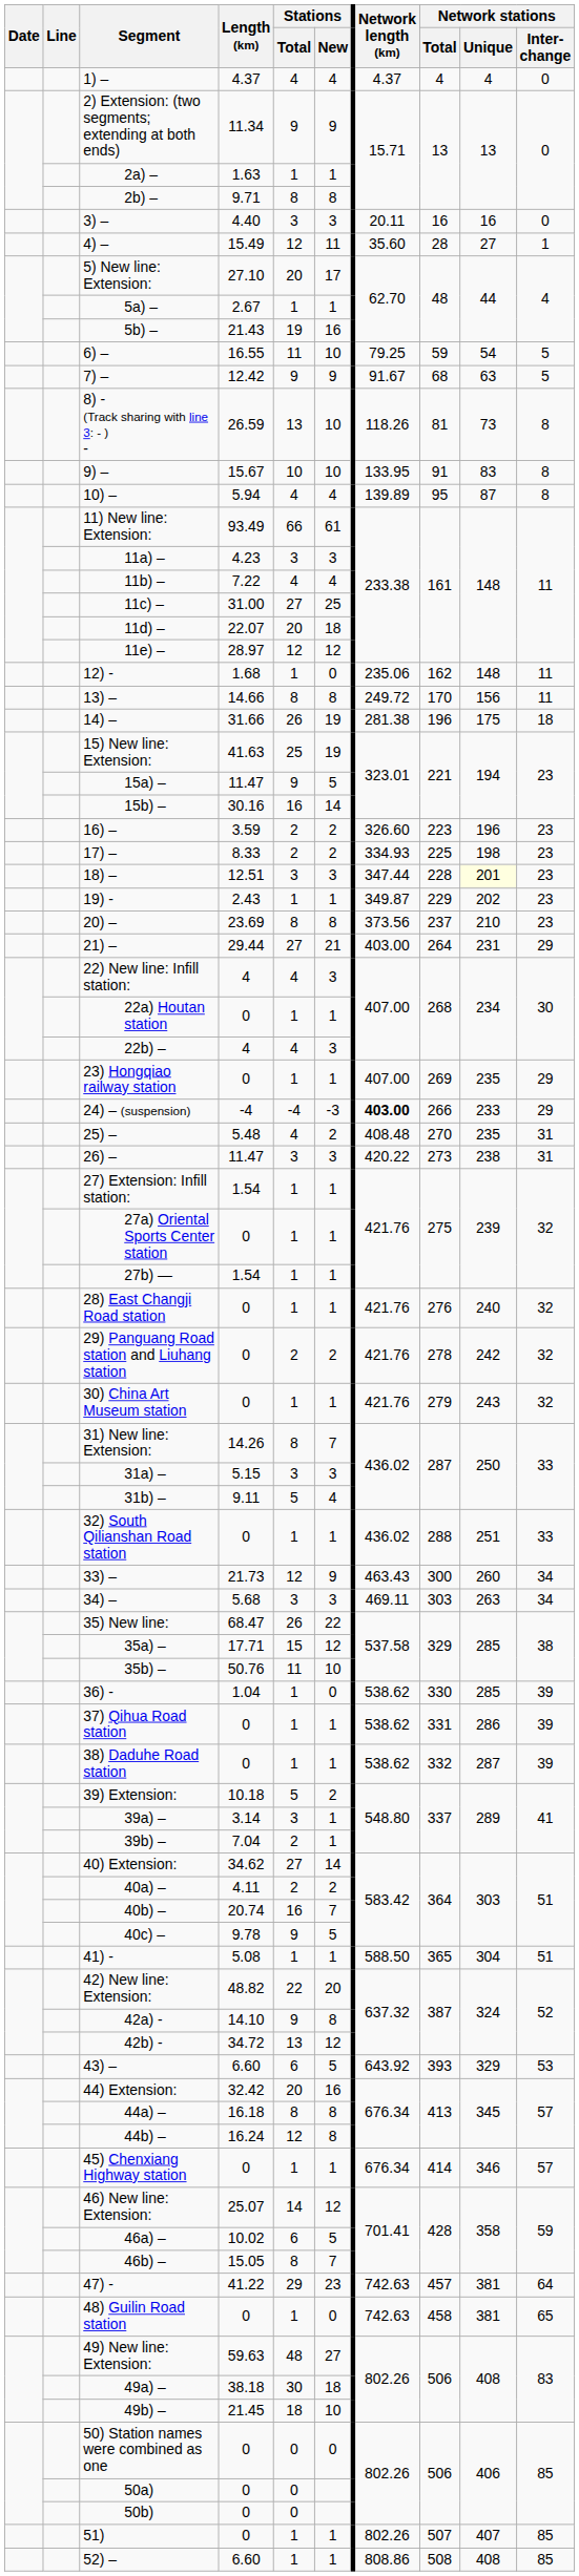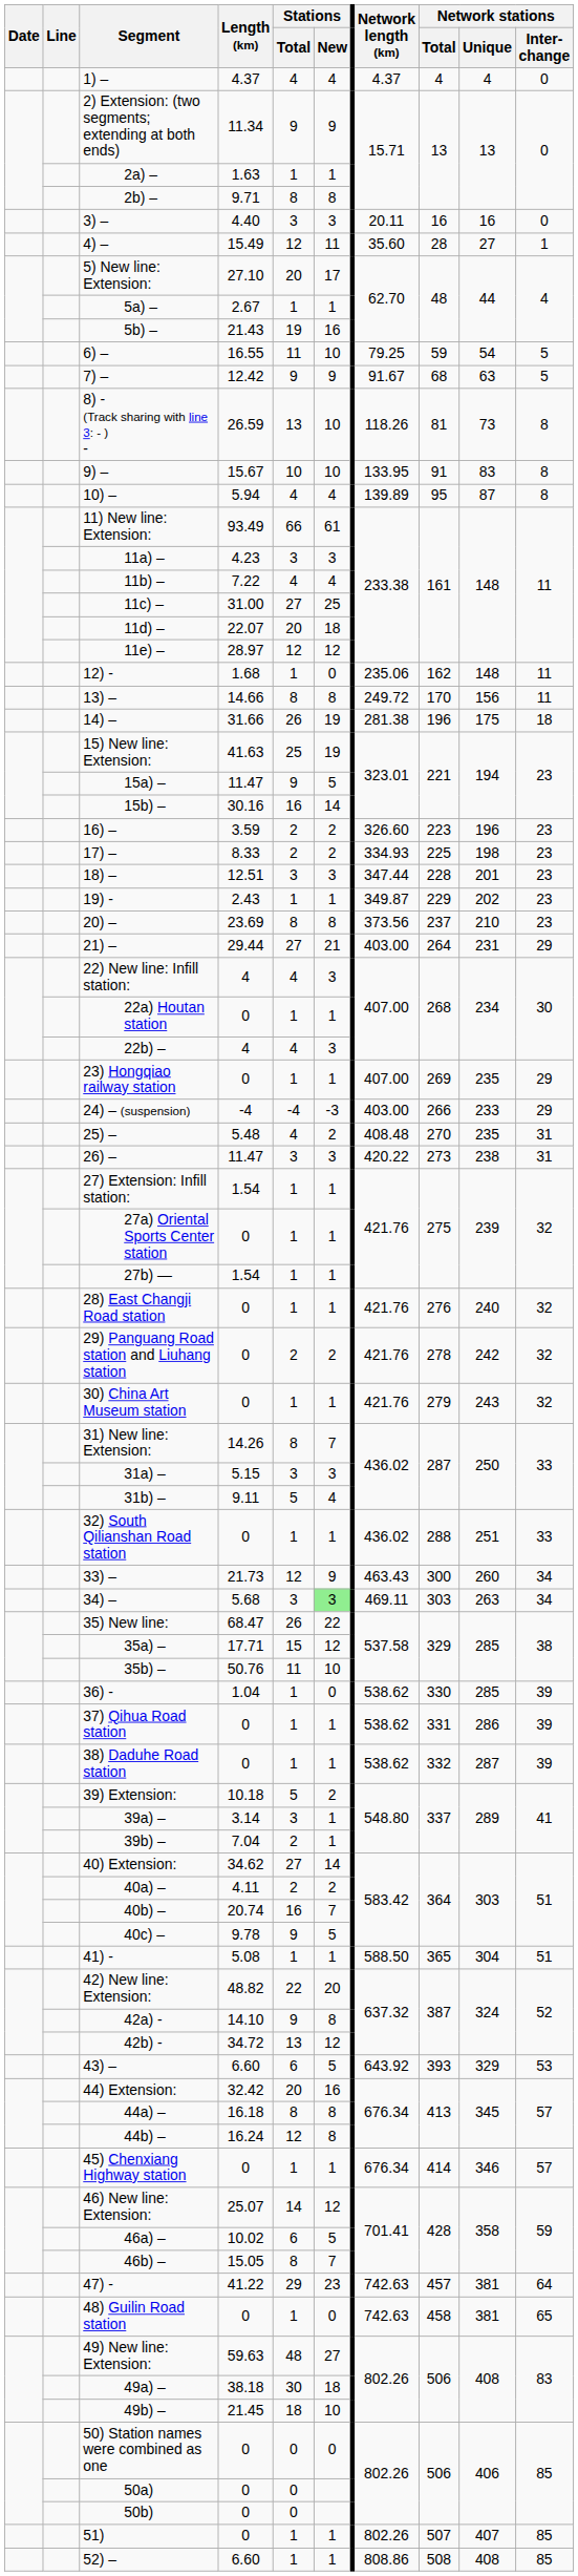 <table class="wikitable sortable" style="vertical-align:top; text-align:center; width:100%">
 <tr>
 <th rowspan="2" data-sort-type="date">Date</th>
 <th rowspan="2" data-sort-type="text">Line</th>
 <th rowspan="2" class=unsortable>Segment</th>
 <th rowspan="2">Length <br><small>(km)</small></th>
 <th style="border-right:5px solid black" colspan="2">Stations</th>
 <th rowspan="2" class=unsortable>Network <br>length <br><small>(km)</small></th>
 <th colspan="3" class="unsortable">Network stations</th>
 </tr>
 <tr>
 <th>Total</th>
 <th style="border-right:5px solid black">New</th>
 <th class=unsortable>Total</th>
 <th class=unsortable>Unique</th>
 <th class=unsortable>Inter-<br>change</th>
 </tr>
 <tr>
 <td></td>
 <td></td>
 <td align=left>1)  – </td>
 <td>4.37</td>
 <td>4</td>
 <td style="border-right:5px solid black">4</td>
 <td>4.37</td>
 <td>4</td>
 <td>4</td>
 <td>0</td>
 </tr>
 <tr>
 <td rowspan="3"></td>
 <td></td>
 <td align=left>2) Extension:  (two segments; extending at both ends)</td>
 <td>11.34</td>
 <td>9</td>
 <td style="border-right:5px solid black">9</td>
 <td rowspan="3">15.71</td>
 <td rowspan="3">13</td>
 <td rowspan="3">13</td>
 <td rowspan="3">0</td>
 </tr>
 <tr>
 <td></td>
 <td style="text-align:left; padding-left: 3em;">2a)  – </td>
 <td>1.63</td>
 <td>1</td>
 <td style="border-right:5px solid black">1</td>
 </tr>
 <tr>
 <td></td>
 <td style="text-align:left; padding-left: 3em;">2b)  – </td>
 <td>9.71</td>
 <td>8</td>
 <td style="border-right:5px solid black">8</td>
 </tr>
 <tr>
 <td></td>
 <td></td>
 <td align=left>3)  – </td>
 <td>4.40</td>
 <td>3</td>
 <td style="border-right:5px solid black">3</td>
 <td>20.11</td>
 <td>16</td>
 <td>16</td>
 <td>0</td>
 </tr>
 <tr>
 <td></td>
 <td></td>
 <td align=left>4)  – </td>
 <td>15.49</td>
 <td>12</td>
 <td style="border-right:5px solid black">11</td>
 <td>35.60</td>
 <td>28</td>
 <td>27</td>
 <td>1</td>
 </tr>
 <tr>
 <td rowspan="3"></td>
 <td></td>
 <td align=left>5) New line:  Extension: </td>
 <td>27.10</td>
 <td>20</td>
 <td style="border-right:5px solid black">17</td>
 <td rowspan="3">62.70</td>
 <td rowspan="3">48</td>
 <td rowspan="3">44</td>
 <td rowspan="3">4</td>
 </tr>
 <tr>
 <td></td>
 <td style="text-align:left; padding-left: 3em;">5a)  – </td>
 <td>2.67</td>
 <td>1</td>
 <td style="border-right:5px solid black">1</td>
 </tr>
 <tr>
 <td></td>
 <td style="text-align:left; padding-left: 3em;">5b)  – </td>
 <td>21.43</td>
 <td>19</td>
 <td style="border-right:5px solid black">16</td>
 </tr>
 <tr>
 <td></td>
 <td></td>
 <td align=left>6)  – </td>
 <td>16.55</td>
 <td>11</td>
 <td style="border-right:5px solid black">10</td>
 <td>79.25</td>
 <td>59</td>
 <td>54</td>
 <td>5</td>
 </tr>
 <tr>
 <td></td>
 <td></td>
 <td align=left>7)  – </td>
 <td>12.42</td>
 <td>9</td>
 <td style="border-right:5px solid black">9</td>
 <td>91.67</td>
 <td>68</td>
 <td>63</td>
 <td>5</td>
 </tr>
 <tr>
 <td></td>
 <td></td>
 <td align=left>8)  -  <br><small>(Track sharing with <a href='#'>line 3</a>:  - )</small><br> - </td>
 <td>26.59</td>
 <td>13</td>
 <td style="border-right:5px solid black">10</td>
 <td>118.26</td>
 <td>81</td>
 <td>73</td>
 <td>8</td>
 </tr>
 <tr>
 <td></td>
 <td></td>
 <td align=left>9)  – </td>
 <td>15.67</td>
 <td>10</td>
 <td style="border-right:5px solid black">10</td>
 <td>133.95</td>
 <td>91</td>
 <td>83</td>
 <td>8</td>
 </tr>
 <tr>
 <td></td>
 <td></td>
 <td align=left>10)  – </td>
 <td>5.94</td>
 <td>4</td>
 <td style="border-right:5px solid black">4</td>
 <td>139.89</td>
 <td>95</td>
 <td>87</td>
 <td>8</td>
 </tr>
 <tr>
 <td rowspan="6"></td>
 <td></td>
 <td align=left>11) New line:    Extension:  </td>
 <td>93.49</td>
 <td>66</td>
 <td style="border-right:5px solid black">61</td>
 <td rowspan="6">233.38</td>
 <td rowspan="6">161</td>
 <td rowspan="6">148</td>
 <td rowspan="6">11</td>
 </tr>
 <tr>
 <td></td>
 <td style="text-align:left; padding-left: 3em;">11a)  – </td>
 <td>4.23</td>
 <td>3</td>
 <td style="border-right:5px solid black">3</td>
 </tr>
 <tr>
 <td></td>
 <td style="text-align:left; padding-left: 3em;">11b)  – </td>
 <td>7.22</td>
 <td>4</td>
 <td style="border-right:5px solid black">4</td>
 </tr>
 <tr>
 <td></td>
 <td style="text-align:left; padding-left: 3em;">11c)  – </td>
 <td>31.00</td>
 <td>27</td>
 <td style="border-right:5px solid black">25</td>
 </tr>
 <tr>
 <td></td>
 <td style="text-align:left; padding-left: 3em;">11d)  – </td>
 <td>22.07</td>
 <td>20</td>
 <td style="border-right:5px solid black">18</td>
 </tr>
 <tr>
 <td></td>
 <td style="text-align:left; padding-left: 3em;">11e)  – </td>
 <td>28.97</td>
 <td>12</td>
 <td style="border-right:5px solid black">12</td>
 </tr>
 <tr>
 <td></td>
 <td></td>
 <td align=left>12)  - </td>
 <td>1.68</td>
 <td>1</td>
 <td style="border-right:5px solid black">0</td>
 <td>235.06</td>
 <td>162</td>
 <td>148</td>
 <td>11</td>
 </tr>
 <tr>
 <td></td>
 <td></td>
 <td align=left>13)  – </td>
 <td>14.66</td>
 <td>8</td>
 <td style="border-right:5px solid black">8</td>
 <td>249.72</td>
 <td>170</td>
 <td>156</td>
 <td>11</td>
 </tr>
 <tr>
 <td></td>
 <td></td>
 <td align=left>14)  – </td>
 <td>31.66</td>
 <td>26</td>
 <td style="border-right:5px solid black">19</td>
 <td>281.38</td>
 <td>196</td>
 <td>175</td>
 <td>18</td>
 </tr>
 <tr>
 <td rowspan="3"></td>
 <td></td>
 <td align=left>15) New line:  Extension: </td>
 <td>41.63</td>
 <td>25</td>
 <td style="border-right:5px solid black">19</td>
 <td rowspan="3">323.01</td>
 <td rowspan="3">221</td>
 <td rowspan="3">194</td>
 <td rowspan="3">23</td>
 </tr>
 <tr>
 <td></td>
 <td style="text-align:left; padding-left: 3em;">15a)  – </td>
 <td>11.47</td>
 <td>9</td>
 <td style="border-right:5px solid black">5</td>
 </tr>
 <tr>
 <td></td>
 <td style="text-align:left; padding-left: 3em;">15b)  – </td>
 <td>30.16</td>
 <td>16</td>
 <td style="border-right:5px solid black">14</td>
 </tr>
 <tr>
 <td></td>
 <td></td>
 <td align=left>16)  – </td>
 <td>3.59</td>
 <td>2</td>
 <td style="border-right:5px solid black">2</td>
 <td>326.60</td>
 <td>223</td>
 <td>196</td>
 <td>23</td>
 </tr>
 <tr>
 <td></td>
 <td></td>
 <td align=left>17)  – </td>
 <td>8.33</td>
 <td>2</td>
 <td style="border-right:5px solid black">2</td>
 <td>334.93</td>
 <td>225</td>
 <td>198</td>
 <td>23</td>
 </tr>
 <tr>
 <td></td>
 <td></td>
 <td align=left>18)  – </td>
 <td>12.51</td>
 <td>3</td>
 <td style="border-right:5px solid black">3</td>
 <td>347.44</td>
 <td>228</td>
-<td style="background: lightyellow;">201</td>
+<td>201</td>
 <td>23</td>
 </tr>
 <tr>
 <td></td>
 <td></td>
 <td align=left>19) -</td>
 <td>2.43</td>
 <td>1</td>
 <td style="border-right:5px solid black">1</td>
 <td>349.87</td>
 <td>229</td>
 <td>202</td>
 <td>23</td>
 </tr>
 <tr>
 <td></td>
 <td></td>
 <td align=left>20)  – </td>
 <td>23.69</td>
 <td>8</td>
 <td style="border-right:5px solid black">8</td>
 <td>373.56</td>
 <td>237</td>
 <td>210</td>
 <td>23</td>
 </tr>
 <tr>
 <td></td>
 <td></td>
 <td align=left>21)  – </td>
 <td>29.44</td>
 <td>27</td>
 <td style="border-right:5px solid black">21</td>
 <td>403.00</td>
 <td>264</td>
 <td>231</td>
 <td>29</td>
 </tr>
 <tr>
 <td rowspan="3"></td>
 <td></td>
 <td align=left>22) New line:  Infill station: </td>
 <td>4</td>
 <td>4</td>
 <td style="border-right:5px solid black">3</td>
 <td rowspan="3">407.00</td>
 <td rowspan="3">268</td>
 <td rowspan="3">234</td>
 <td rowspan="3">30</td>
 </tr>
 <tr>
 <td></td>
 <td style="text-align:left; padding-left: 3em;">22a) <a href='#'>Houtan station</a></td>
 <td>0</td>
 <td>1</td>
 <td style="border-right:5px solid black">1</td>
 </tr>
 <tr>
 <td></td>
 <td style="text-align:left; padding-left: 3em;">22b)  – </td>
 <td>4</td>
 <td>4</td>
 <td style="border-right:5px solid black">3</td>
 </tr>
 <tr>
 <td></td>
 <td></td>
 <td align=left>23) <a href='#'>Hongqiao railway station</a></td>
 <td>0</td>
 <td>1</td>
 <td style="border-right:5px solid black">1</td>
 <td>407.00</td>
 <td>269</td>
 <td>235</td>
 <td>29</td>
 </tr>
 <tr>
 <td></td>
 <td></td>
 <td align=left>24)  –  <small>(suspension)</small></td>
 <td>-4</td>
 <td>-4</td>
 <td style="border-right:5px solid black">-3</td>
-<td><strong>403.00</strong></td>
+<td>403.00</td>
 <td>266</td>
 <td>233</td>
 <td>29</td>
 </tr>
 <tr>
 <td></td>
 <td></td>
 <td align=left>25)  – </td>
 <td>5.48</td>
 <td>4</td>
 <td style="border-right:5px solid black">2</td>
 <td>408.48</td>
 <td>270</td>
 <td>235</td>
 <td>31</td>
 </tr>
 <tr>
 <td></td>
 <td></td>
 <td align=left>26)  – </td>
 <td>11.47</td>
 <td>3</td>
 <td style="border-right:5px solid black">3</td>
 <td>420.22</td>
 <td>273</td>
 <td>238</td>
 <td>31</td>
 </tr>
 <tr>
 <td rowspan="3"></td>
 <td></td>
 <td align=left>27) Extension:  Infill station: </td>
 <td>1.54</td>
 <td>1</td>
 <td style="border-right:5px solid black">1</td>
 <td rowspan="3">421.76</td>
 <td rowspan="3">275</td>
 <td rowspan="3">239</td>
 <td rowspan="3">32</td>
 </tr>
 <tr>
 <td></td>
 <td style="text-align:left; padding-left: 3em;">27a) <a href='#'>Oriental Sports Center station</a></td>
 <td>0</td>
 <td>1</td>
 <td style="border-right:5px solid black">1</td>
 </tr>
 <tr>
 <td></td>
 <td style="text-align:left; padding-left: 3em;">27b)  — </td>
 <td>1.54</td>
 <td>1</td>
 <td style="border-right:5px solid black">1</td>
 </tr>
 <tr>
 <td></td>
 <td></td>
 <td align=left>28) <a href='#'>East Changji Road station</a></td>
 <td>0</td>
 <td>1</td>
 <td style="border-right:5px solid black">1</td>
 <td>421.76</td>
 <td>276</td>
 <td>240</td>
 <td>32</td>
 </tr>
 <tr>
 <td></td>
 <td></td>
 <td align=left>29) <a href='#'>Panguang Road station</a> and <a href='#'>Liuhang station</a></td>
 <td>0</td>
 <td>2</td>
 <td style="border-right:5px solid black">2</td>
 <td>421.76</td>
 <td>278</td>
 <td>242</td>
 <td>32</td>
 </tr>
 <tr>
 <td></td>
 <td></td>
 <td align=left>30) <a href='#'>China Art Museum station</a></td>
 <td>0</td>
 <td>1</td>
 <td style="border-right:5px solid black">1</td>
 <td>421.76</td>
 <td>279</td>
 <td>243</td>
 <td>32</td>
 </tr>
 <tr>
 <td rowspan="3"></td>
 <td></td>
 <td align=left>31) New line:  Extension: </td>
 <td>14.26</td>
 <td>8</td>
 <td style="border-right:5px solid black">7</td>
 <td rowspan="3">436.02</td>
 <td rowspan="3">287</td>
 <td rowspan="3">250</td>
 <td rowspan="3">33</td>
 </tr>
 <tr>
 <td></td>
 <td style="text-align:left; padding-left: 3em;">31a)  – </td>
 <td>5.15</td>
 <td>3</td>
 <td style="border-right:5px solid black">3</td>
 </tr>
 <tr>
 <td></td>
 <td style="text-align:left; padding-left: 3em;">31b)  – </td>
 <td>9.11</td>
 <td>5</td>
 <td style="border-right:5px solid black">4</td>
 </tr>
 <tr>
 <td></td>
 <td></td>
 <td align=left>32) <a href='#'>South Qilianshan Road station</a></td>
 <td>0</td>
 <td>1</td>
 <td style="border-right:5px solid black">1</td>
 <td>436.02</td>
 <td>288</td>
 <td>251</td>
 <td>33</td>
 </tr>
 <tr>
 <td></td>
 <td></td>
 <td align=left>33)  – </td>
 <td>21.73</td>
 <td>12</td>
 <td style="border-right:5px solid black">9</td>
 <td>463.43</td>
 <td>300</td>
 <td>260</td>
 <td>34</td>
 </tr>
 <tr>
 <td></td>
 <td></td>
 <td align=left>34)  – </td>
 <td>5.68</td>
 <td>3</td>
-<td style="border-right:5px solid black">3</td>
+<td style="background: lightgreen; border-right:5px solid black">3</td>
 <td>469.11</td>
 <td>303</td>
 <td>263</td>
 <td>34</td>
 </tr>
 <tr>
 <td rowspan="3"></td>
 <td></td>
 <td align=left>35) New line:  </td>
 <td>68.47</td>
 <td>26</td>
 <td style="border-right:5px solid black">22</td>
 <td rowspan="3">537.58</td>
 <td rowspan="3">329</td>
 <td rowspan="3">285</td>
 <td rowspan="3">38</td>
 </tr>
 <tr>
 <td></td>
 <td style="text-align:left; padding-left: 3em;">35a)  – </td>
 <td>17.71</td>
 <td>15</td>
 <td style="border-right:5px solid black">12</td>
 </tr>
 <tr>
 <td></td>
 <td style="text-align:left; padding-left: 3em;">35b)  – </td>
 <td>50.76</td>
 <td>11</td>
 <td style="border-right:5px solid black">10</td>
 </tr>
 <tr>
 <td></td>
 <td></td>
 <td align=left>36)  - </td>
 <td>1.04</td>
 <td>1</td>
 <td style="border-right:5px solid black">0</td>
 <td>538.62</td>
 <td>330</td>
 <td>285</td>
 <td>39</td>
 </tr>
 <tr>
 <td></td>
 <td></td>
 <td align=left>37) <a href='#'>Qihua Road station</a></td>
 <td>0</td>
 <td>1</td>
 <td style="border-right:5px solid black">1</td>
 <td>538.62</td>
 <td>331</td>
 <td>286</td>
 <td>39</td>
 </tr>
 <tr>
 <td></td>
 <td></td>
 <td align=left>38) <a href='#'>Daduhe Road station</a></td>
 <td>0</td>
 <td>1</td>
 <td style="border-right:5px solid black">1</td>
 <td>538.62</td>
 <td>332</td>
 <td>287</td>
 <td>39</td>
 </tr>
 <tr>
 <td rowspan="3"></td>
 <td></td>
 <td align=left>39) Extension:  </td>
 <td>10.18</td>
 <td>5</td>
 <td style="border-right:5px solid black">2</td>
 <td rowspan="3">548.80</td>
 <td rowspan="3">337</td>
 <td rowspan="3">289</td>
 <td rowspan="3">41</td>
 </tr>
 <tr>
 <td></td>
 <td style="text-align:left; padding-left: 3em;">39a)  – </td>
 <td>3.14</td>
 <td>3</td>
 <td style="border-right:5px solid black">1</td>
 </tr>
 <tr>
 <td></td>
 <td style="text-align:left; padding-left: 3em;">39b)  – </td>
 <td>7.04</td>
 <td>2</td>
 <td style="border-right:5px solid black">1</td>
 </tr>
 <tr>
 <td rowspan="4"></td>
 <td></td>
 <td align=left>40) Extension:   </td>
 <td>34.62</td>
 <td>27</td>
 <td style="border-right:5px solid black">14</td>
 <td rowspan="4">583.42</td>
 <td rowspan="4">364</td>
 <td rowspan="4">303</td>
 <td rowspan="4">51</td>
 </tr>
 <tr>
 <td></td>
 <td style="text-align:left; padding-left: 3em;">40a)  – </td>
 <td>4.11</td>
 <td>2</td>
 <td style="border-right:5px solid black">2</td>
 </tr>
 <tr>
 <td></td>
 <td style="text-align:left; padding-left: 3em;">40b)  – </td>
 <td>20.74</td>
 <td>16</td>
 <td style="border-right:5px solid black">7</td>
 </tr>
 <tr>
 <td></td>
 <td style="text-align:left; padding-left: 3em;">40c)  – </td>
 <td>9.78</td>
 <td>9</td>
 <td style="border-right:5px solid black">5</td>
 </tr>
 <tr>
 <td></td>
 <td></td>
 <td align=left>41)  - </td>
 <td>5.08</td>
 <td>1</td>
 <td style="border-right:5px solid black">1</td>
 <td>588.50</td>
 <td>365</td>
 <td>304</td>
 <td>51</td>
 </tr>
 <tr>
 <td rowspan="3"></td>
 <td></td>
 <td align=left>42) New line:  Extension: </td>
 <td>48.82</td>
 <td>22</td>
 <td style="border-right:5px solid black">20</td>
 <td rowspan="3">637.32</td>
 <td rowspan="3">387</td>
 <td rowspan="3">324</td>
 <td rowspan="3">52</td>
 </tr>
 <tr>
 <td></td>
 <td style="text-align:left; padding-left: 3em;">42a)  - </td>
 <td>14.10</td>
 <td>9</td>
 <td style="border-right:5px solid black">8</td>
 </tr>
 <tr>
 <td></td>
 <td style="text-align:left; padding-left: 3em;">42b)  - </td>
 <td>34.72</td>
 <td>13</td>
 <td style="border-right:5px solid black">12</td>
 </tr>
 <tr>
 <td></td>
 <td></td>
 <td align=left>43)  – </td>
 <td>6.60</td>
 <td>6</td>
 <td style="border-right:5px solid black">5</td>
 <td>643.92</td>
 <td>393</td>
 <td>329</td>
 <td>53</td>
 </tr>
 <tr>
 <td rowspan="3"></td>
 <td></td>
 <td align=left>44) Extension:  </td>
 <td>32.42</td>
 <td>20</td>
 <td style="border-right:5px solid black">16</td>
 <td rowspan="3">676.34</td>
 <td rowspan="3">413</td>
 <td rowspan="3">345</td>
 <td rowspan="3">57</td>
 </tr>
 <tr>
 <td></td>
 <td style="text-align:left; padding-left: 3em;">44a)  – </td>
 <td>16.18</td>
 <td>8</td>
 <td style="border-right:5px solid black">8</td>
 </tr>
 <tr>
 <td></td>
 <td style="text-align:left; padding-left: 3em;">44b)  –  </td>
 <td>16.24</td>
 <td>12</td>
 <td style="border-right:5px solid black">8</td>
 </tr>
 <tr>
 <td></td>
 <td></td>
 <td align=left>45) <a href='#'>Chenxiang Highway station</a></td>
 <td>0</td>
 <td>1</td>
 <td style="border-right:5px solid black">1</td>
 <td>676.34</td>
 <td>414</td>
 <td>346</td>
 <td>57</td>
 </tr>
 <tr>
 <td rowspan="3"></td>
 <td></td>
 <td align=left>46) New line:  Extension: </td>
 <td>25.07</td>
 <td>14</td>
 <td style="border-right:5px solid black">12</td>
 <td rowspan="3">701.41</td>
 <td rowspan="3">428</td>
 <td rowspan="3">358</td>
 <td rowspan="3">59</td>
 </tr>
 <tr>
 <td></td>
 <td style="text-align:left; padding-left: 3em;">46a)  – </td>
 <td>10.02</td>
 <td>6</td>
 <td style="border-right:5px solid black">5</td>
 </tr>
 <tr>
 <td></td>
 <td style="text-align:left; padding-left: 3em;">46b)  – </td>
 <td>15.05</td>
 <td>8</td>
 <td style="border-right:5px solid black">7</td>
 </tr>
 <tr>
 <td></td>
 <td></td>
 <td align=left>47)  - </td>
 <td>41.22</td>
 <td>29</td>
 <td style="border-right:5px solid black">23</td>
 <td>742.63</td>
 <td>457</td>
 <td>381</td>
 <td>64</td>
 </tr>
 <tr>
 <td></td>
 <td></td>
 <td align=left>48) <a href='#'>Guilin Road station</a></td>
 <td>0</td>
 <td>1</td>
 <td style="border-right:5px solid black">0</td>
 <td>742.63</td>
 <td>458</td>
 <td>381</td>
 <td>65</td>
 </tr>
 <tr>
 <td rowspan="3"></td>
 <td></td>
 <td align=left>49) New line:  Extension: </td>
 <td>59.63</td>
 <td>48</td>
 <td style="border-right:5px solid black">27</td>
 <td rowspan="3">802.26</td>
 <td rowspan="3">506</td>
 <td rowspan="3">408</td>
 <td rowspan="3">83</td>
 </tr>
 <tr>
 <td></td>
 <td style="text-align:left; padding-left: 3em;">49a)  – </td>
 <td>38.18</td>
 <td>30</td>
 <td style="border-right:5px solid black">18</td>
 </tr>
 <tr>
 <td></td>
 <td style="text-align:left; padding-left: 3em;">49b)  – </td>
 <td>21.45</td>
 <td>18</td>
 <td style="border-right:5px solid black">10</td>
 </tr>
 <tr>
 <td rowspan="3"></td>
 <td></td>
 <td align=left>50) Station names were combined as one</td>
 <td>0</td>
 <td>0</td>
 <td style="border-right:5px solid black">0</td>
 <td rowspan="3">802.26</td>
 <td rowspan="3">506</td>
 <td rowspan="3">406</td>
 <td rowspan="3">85</td>
 </tr>
 <tr>
 <td> </td>
 <td style="text-align:left; padding-left: 3em;">50a) </td>
 <td>0</td>
 <td>0</td>
 <td style="border-right:5px solid black"></td>
 </tr>
 <tr>
 <td> </td>
 <td style="text-align:left; padding-left: 3em;">50b) </td>
 <td>0</td>
 <td>0</td>
 <td style="border-right:5px solid black"></td>
 </tr>
 <tr>
 <td></td>
 <td></td>
 <td align=left>51) </td>
 <td>0</td>
 <td>1</td>
 <td style="border-right:5px solid black">1</td>
 <td>802.26</td>
 <td>507</td>
 <td>407</td>
 <td>85</td>
 </tr>
 <tr>
 <td></td>
 <td></td>
 <td align=left>52)  – </td>
 <td>6.60</td>
 <td>1</td>
 <td style="border-right:5px solid black">1</td>
 <td>808.86</td>
 <td>508</td>
 <td>408</td>
 <td>85</td>
 </tr>
 </table>
